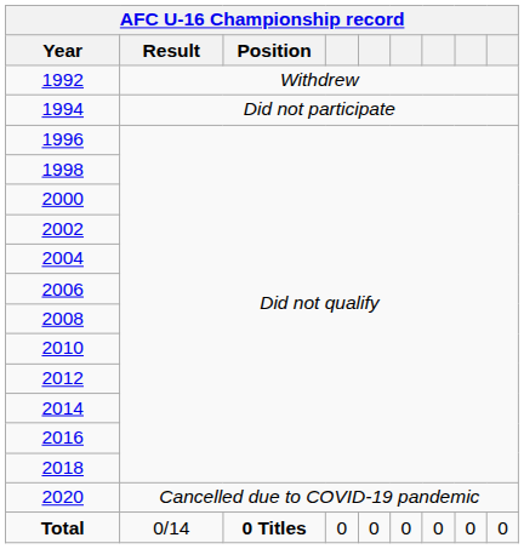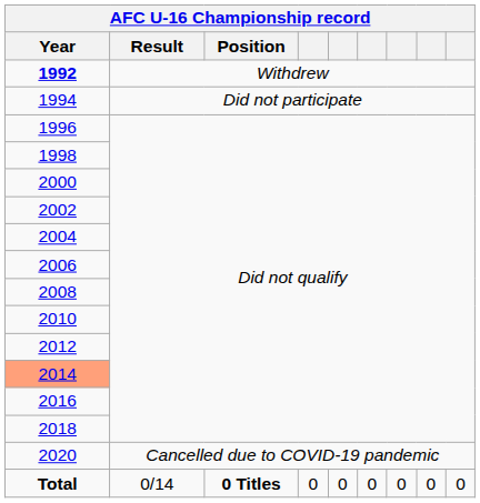 <table class = "wikitable" style = "text-align: center;">
 <tr>
 <th colspan = "9"><a href='#'> AFC U-16 Championship record</a></th>
 </tr>
 <tr>
 <th width = "90">Year</th>
 <th width = "80">Result</th>
 <th width = "80">Position</th>
 <th width = "20"></th>
 <th width = "20"></th>
 <th width = "20"></th>
 <th width = "20"></th>
 <th width = "20"></th>
 <th width = "20"></th>
 </tr>
 <tr>
-<td> <a href='#'> 1992</a></td>
+<td><strong> <a href='#'> 1992</a></strong></td>
 <td colspan = 8><em>Withdrew</em></td>
 </tr>
 <tr>
 <td> <a href='#'> 1994</a></td>
 <td colspan = 8><em>Did not participate</em></td>
 </tr>
 <tr>
 <td> <a href='#'> 1996</a></td>
 <td rowspan = 12 colspan = 8><em>Did not qualify</em></td>
 </tr>
 <tr>
 <td> <a href='#'> 1998</a></td>
 </tr>
 <tr>
 <td> <a href='#'> 2000</a></td>
 </tr>
 <tr>
 <td> <a href='#'> 2002</a></td>
 </tr>
 <tr>
 <td> <a href='#'> 2004</a></td>
 </tr>
 <tr>
 <td> <a href='#'> 2006</a></td>
 </tr>
 <tr>
 <td> <a href='#'> 2008</a></td>
 </tr>
 <tr>
 <td> <a href='#'> 2010</a></td>
 </tr>
 <tr>
 <td> <a href='#'> 2012</a></td>
 </tr>
 <tr>
-<td> <a href='#'> 2014</a></td>
+<td style="background: lightsalmon;"> <a href='#'> 2014</a></td>
 </tr>
 <tr>
 <td> <a href='#'> 2016</a></td>
 </tr>
 <tr>
 <td> <a href='#'> 2018</a></td>
 </tr>
 <tr>
 <td> <a href='#'> 2020</a></td>
 <td colspan = 8><em>Cancelled due to COVID-19 pandemic</em></td>
 </tr>
 <tr>
 <td><strong>Total</strong></td>
 <td>0/14</td>
 <td><strong>0 Titles</strong></td>
 <td>0</td>
 <td>0</td>
 <td>0</td>
 <td>0</td>
 <td>0</td>
 <td>0</td>
 </tr>
 </table>
